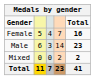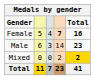 <table class=wikitable style="font-size:85%; float:right;text-align:center">
 <tr bgcolor=EFEFEF>
 <th colspan=6><strong>Medals by gender</strong></th>
 </tr>
 <tr>
 <td><strong>Gender</strong></td>
 <td bgcolor=F7F6A8></td>
 <td bgcolor=DCE5E5></td>
 <td bgcolor=FFDAB9></td>
 <td><strong>Total</strong></td>
 </tr>
 <tr>
 <td>Female</td>
 <td bgcolor=F7F6A8>5</td>
 <td bgcolor=DCE5E5>4</td>
-<td bgcolor=FFDAB9>7</td>
+<td bgcolor=FFDAB9><strong>7</strong></td>
 <td><strong>16</strong></td>
 </tr>
 <tr>
 <td>Male</td>
 <td bgcolor=F7F6A8>6</td>
 <td bgcolor=DCE5E5>3</td>
 <td bgcolor=FFDAB9>14</td>
 <td><strong>23</strong></td>
 </tr>
 <tr>
 <td>Mixed</td>
 <td bgcolor=F7F6A8>0</td>
 <td bgcolor=DCE5E5>0</td>
 <td bgcolor=FFDAB9>2</td>
-<td><strong>2</strong></td>
+<td style="background: gold;"><strong>2</strong></td>
 </tr>
 <tr>
 <th><strong>Total</strong></th>
 <th style=background:gold><strong>11</strong></th>
 <th style=background:silver><strong>7</strong></th>
 <th style=background:#C96><strong>23</strong></th>
 <th><strong>41</strong></th>
 </tr>
 </table>
